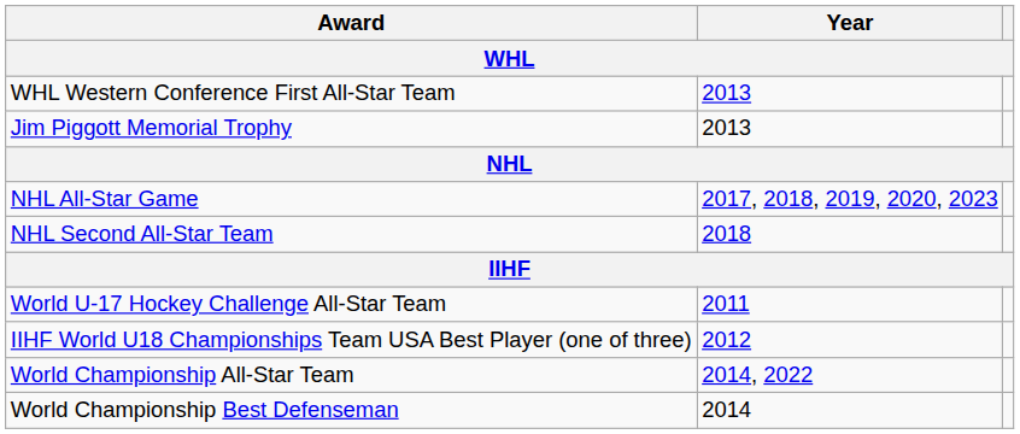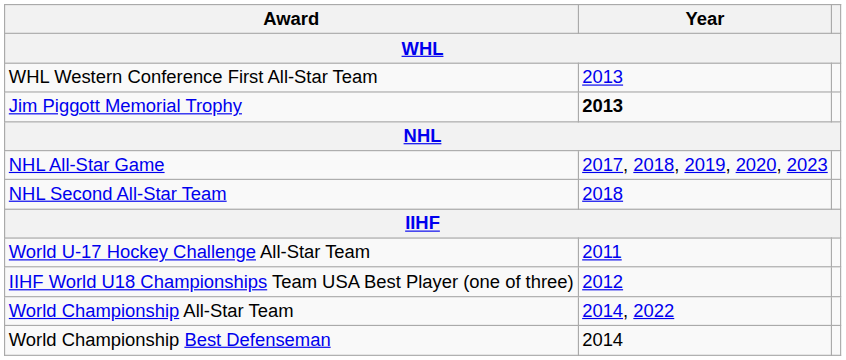 <table class="wikitable">
 <tr>
 <th>Award</th>
 <th>Year</th>
 <th></th>
 </tr>
 <tr ALIGN="center" bgcolor="#e0e0e0">
 <th colspan="3"><a href='#'>WHL</a></th>
 </tr>
 <tr>
 <td>WHL Western Conference First All-Star Team</td>
 <td><a href='#'>2013</a></td>
 <td></td>
 </tr>
 <tr>
 <td><a href='#'>Jim Piggott Memorial Trophy</a></td>
-<td>2013</td>
+<td><strong>2013</strong></td>
 <td></td>
 </tr>
 <tr ALIGN="center" bgcolor="#e0e0e0">
 <th colspan="3"><a href='#'>NHL</a></th>
 </tr>
 <tr>
 <td><a href='#'>NHL All-Star Game</a></td>
 <td><a href='#'>2017</a>, <a href='#'>2018</a>, <a href='#'>2019</a>, <a href='#'>2020</a>, <a href='#'>2023</a></td>
 <td></td>
 </tr>
 <tr>
 <td><a href='#'>NHL Second All-Star Team</a></td>
 <td><a href='#'>2018</a></td>
 <td></td>
 </tr>
 <tr ALIGN="center" bgcolor="#e0e0e0">
 <th colspan="3"><a href='#'>IIHF</a></th>
 </tr>
 <tr>
 <td><a href='#'>World U-17 Hockey Challenge</a> All-Star Team</td>
 <td><a href='#'>2011</a></td>
 <td></td>
 </tr>
 <tr>
 <td><a href='#'>IIHF World U18 Championships</a> Team USA Best Player (one of three)</td>
 <td><a href='#'>2012</a></td>
 <td></td>
 </tr>
 <tr>
 <td><a href='#'>World Championship</a> All-Star Team</td>
 <td><a href='#'>2014</a>, <a href='#'>2022</a></td>
 <td></td>
 </tr>
 <tr>
 <td>World Championship <a href='#'>Best Defenseman</a></td>
 <td>2014</td>
 </tr>
 </table>
